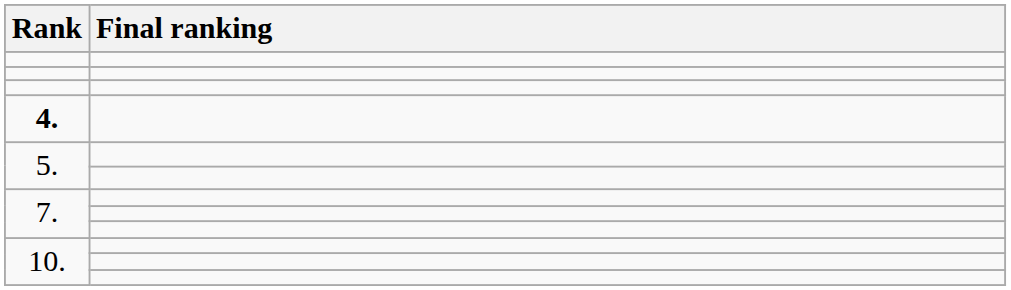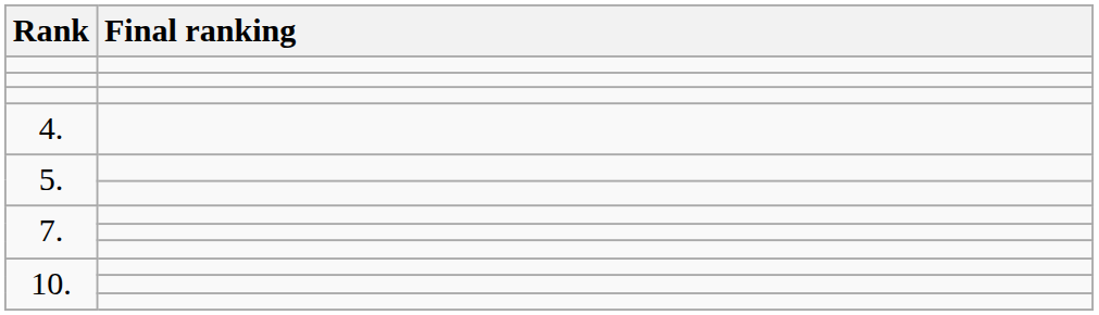 <table class="wikitable">
 <tr>
 <th>Rank</th>
 <th style="text-align: left; width: 30em;">Final ranking</th>
 </tr>
 <tr>
 <td align="center"></td>
 <td></td>
 </tr>
 <tr>
 <td align="center"></td>
 <td></td>
 </tr>
 <tr>
 <td align="center"></td>
 <td></td>
 </tr>
 <tr>
-<td align="center"><strong>4.</strong></td>
+<td align="center">4.</td>
 <td></td>
 </tr>
 <tr>
 <td rowspan=2 align="center">5.</td>
 <td></td>
 </tr>
 <tr>
 <td></td>
 </tr>
 <tr>
 <td rowspan=3 align="center">7.</td>
 <td></td>
 </tr>
 <tr>
 <td></td>
 </tr>
 <tr>
 <td></td>
 </tr>
 <tr>
 <td rowspan=3 align="center">10.</td>
 <td></td>
 </tr>
 <tr>
 <td></td>
 </tr>
 <tr>
 <td></td>
 </tr>
 </table>
